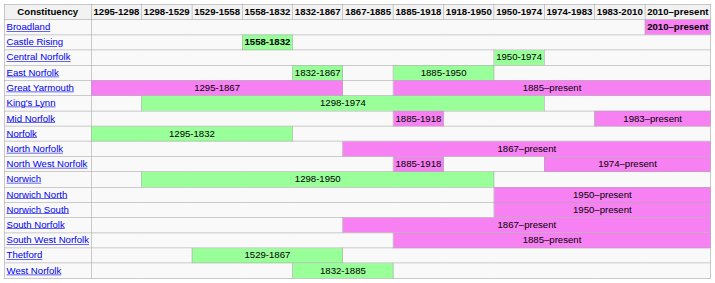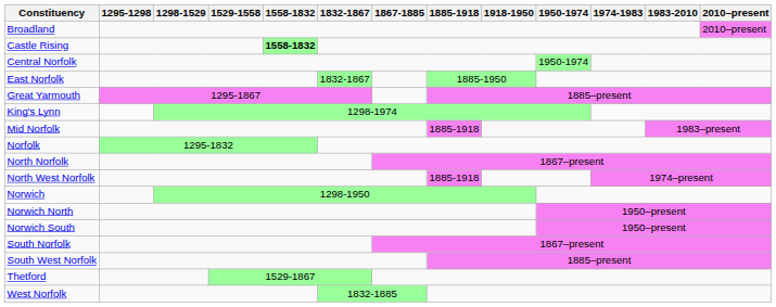 <table class="wikitable">
 <tr>
 <th>Constituency</th>
 <th>1295-1298</th>
 <th>1298-1529</th>
 <th>1529-1558</th>
 <th>1558-1832</th>
 <th>1832-1867</th>
 <th>1867-1885</th>
 <th>1885-1918</th>
 <th>1918-1950</th>
 <th>1950-1974</th>
 <th>1974-1983</th>
 <th>1983-2010</th>
 <th>2010–present</th>
 </tr>
 <tr>
 <td><a href='#'>Broadland</a></td>
 <td colspan=11></td>
-<td bgcolor="#f781f3"><strong>2010–present</strong></td>
+<td bgcolor="#f781f3">2010–present</td>
 </tr>
 <tr>
 <td><a href='#'>Castle Rising</a></td>
 <td colspan=3></td>
 <td bgcolor="#99ff99"><strong>1558-1832</strong></td>
 <td colspan=8></td>
 </tr>
 <tr>
 <td><a href='#'>Central Norfolk</a></td>
 <td colspan=8></td>
 <td bgcolor="#99ff99">1950-1974</td>
 <td colspan=3></td>
 </tr>
 <tr>
 <td><a href='#'>East Norfolk</a></td>
 <td colspan=4></td>
 <td bgcolor="#99ff99">1832-1867</td>
 <td></td>
 <td align="center" bgcolor="#99ff99" colspan=2>1885-1950</td>
 <td colspan=4></td>
 </tr>
 <tr>
 <td><a href='#'>Great Yarmouth</a></td>
 <td align="center" bgcolor="#f781f3" colspan=5>1295-1867</td>
 <td></td>
 <td align="center" bgcolor="#f781f3" colspan=6>1885–present</td>
 </tr>
 <tr>
 <td><a href='#'>King's Lynn</a></td>
 <td></td>
 <td align="center "bgcolor="#99ff99" colspan=8>1298-1974</td>
 <td colspan=3></td>
 </tr>
 <tr>
 <td><a href='#'>Mid Norfolk</a></td>
 <td colspan=6></td>
 <td bgcolor="#f781f2">1885-1918</td>
 <td colspan=3></td>
 <td align="center" bgcolor="#f781f2" colspan=2>1983–present</td>
 </tr>
 <tr>
 <td><a href='#'>Norfolk</a></td>
 <td align="center" bgcolor="#99ff99" colspan=4>1295-1832</td>
 <td colspan=8></td>
 </tr>
 <tr>
 <td><a href='#'>North Norfolk</a></td>
 <td colspan=5></td>
 <td align="center" bgcolor="#f781f2" colspan=7>1867–present</td>
 </tr>
 <tr>
 <td><a href='#'>North West Norfolk</a></td>
 <td colspan=6></td>
 <td bgcolor="#f781f2">1885-1918</td>
 <td colspan=2></td>
 <td align="center" bgcolor="#f781f2" colspan=3>1974–present</td>
 </tr>
 <tr>
 <td><a href='#'>Norwich</a></td>
 <td></td>
 <td align="center "bgcolor="#99ff99" colspan=7>1298-1950</td>
 <td colspan=4></td>
 </tr>
 <tr>
 <td><a href='#'>Norwich North</a></td>
 <td colspan=8></td>
 <td align="center" bgcolor="#f781f2" colspan=4>1950–present</td>
 </tr>
 <tr>
 <td><a href='#'>Norwich South</a></td>
 <td colspan=8></td>
 <td align="center" bgcolor="#f781f2" colspan=4>1950–present</td>
 </tr>
 <tr>
 <td><a href='#'>South Norfolk</a></td>
 <td colspan=5></td>
 <td align="center" bgcolor="#f781f2" colspan=7>1867–present</td>
 </tr>
 <tr>
 <td><a href='#'>South West Norfolk</a></td>
 <td colspan=6></td>
 <td align="center" bgcolor="#f781f2" colspan=6>1885–present</td>
 </tr>
 <tr>
 <td><a href='#'>Thetford</a></td>
 <td colspan=2></td>
 <td align="center" bgcolor="#99ff99" colspan=3>1529-1867</td>
 <td colspan=7></td>
 </tr>
 <tr>
 <td><a href='#'>West Norfolk</a></td>
 <td colspan=4></td>
 <td align="center" bgcolor="#99ff99" colspan=2>1832-1885</td>
 <td colspan=6></td>
 </tr>
 </table>
